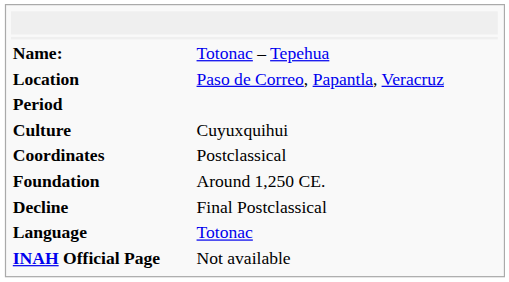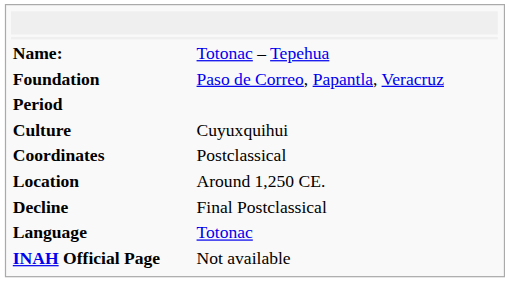 <table class="infobox" style="font-size:90%; text-align:left; width:28.5em">
 <tr>
 <td style="background:#efefef;" align="center" colspan="2"><br></td>
 </tr>
 <tr>
 <td style="background:#efefef;" align="center" colspan="2"></td>
 </tr>
 <tr>
 <td><strong>Name:</strong></td>
 <td><a href='#'>Totonac</a> – <a href='#'>Tepehua</a></td>
 </tr>
 <tr>
-<td><strong>Location</strong></td>
+<td><strong>Foundation</strong></td>
 <td><a href='#'>Paso de Correo</a>, <a href='#'>Papantla</a>, <a href='#'>Veracruz</a> <br></td>
 </tr>
 <tr>
 <td><strong>Period</strong></td>
 <td></td>
 </tr>
 <tr>
 <td><strong>Culture</strong></td>
 <td>Cuyuxquihui</td>
 </tr>
 <tr>
 <td><strong>Coordinates</strong></td>
 <td>Postclassical</td>
 </tr>
 <tr>
-<td><strong>Foundation</strong></td>
+<td><strong>Location</strong></td>
 <td>Around 1,250 CE.</td>
 </tr>
 <tr>
 <td><strong>Decline</strong></td>
 <td>Final Postclassical</td>
 </tr>
 <tr>
 <td><strong>Language</strong></td>
 <td><a href='#'>Totonac</a></td>
 </tr>
 <tr>
 <td><strong><a href='#'>INAH</a> Official Page</strong></td>
 <td>Not available</td>
 </tr>
 </table>
